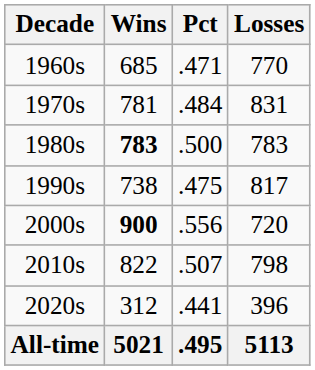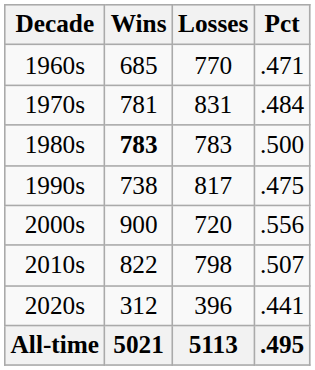 <table class="wikitable" style="text-align:center">
 <tr>
 <th style="text-align:center; ">Decade</th>
 <th style="text-align:center; ">Wins</th>
+<th style="text-align:center; ">Losses</th>
 <th style="text-align:center; ">Pct</th>
-<th style="text-align:center; ">Losses</th>
 </tr>
 <tr>
 <td>1960s</td>
 <td>685</td>
+<td>770</td>
 <td>.471</td>
-<td>770</td>
 </tr>
 <tr>
 <td>1970s</td>
 <td>781</td>
+<td>831</td>
 <td>.484</td>
-<td>831</td>
 </tr>
 <tr>
 <td>1980s</td>
 <td><strong>783</strong></td>
+<td>783</td>
 <td>.500</td>
-<td>783</td>
 </tr>
 <tr>
 <td>1990s</td>
 <td>738</td>
+<td>817</td>
 <td>.475</td>
-<td>817</td>
 </tr>
 <tr>
 <td>2000s</td>
-<td><strong>900</strong></td>
+<td>900</td>
+<td>720</td>
 <td>.556</td>
-<td>720</td>
 </tr>
 <tr>
 <td>2010s</td>
 <td>822</td>
+<td>798</td>
 <td>.507</td>
-<td>798</td>
 </tr>
 <tr>
 <td>2020s</td>
 <td>312</td>
+<td>396</td>
 <td>.441</td>
-<td>396</td>
 </tr>
 <tr style="background:#f0f0f0; font-weight:bold">
 <th style="text-align:center; ">All-time</th>
 <th style="text-align:center; ">5021</th>
+<th style="text-align:center; ">5113</th>
 <th style="text-align:center; ">.495</th>
-<th style="text-align:center; ">5113</th>
 </tr>
 </table>
